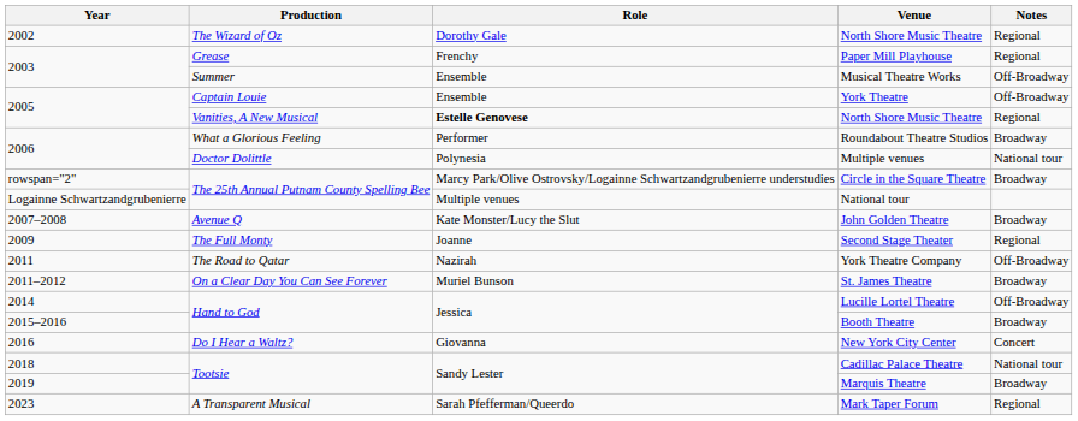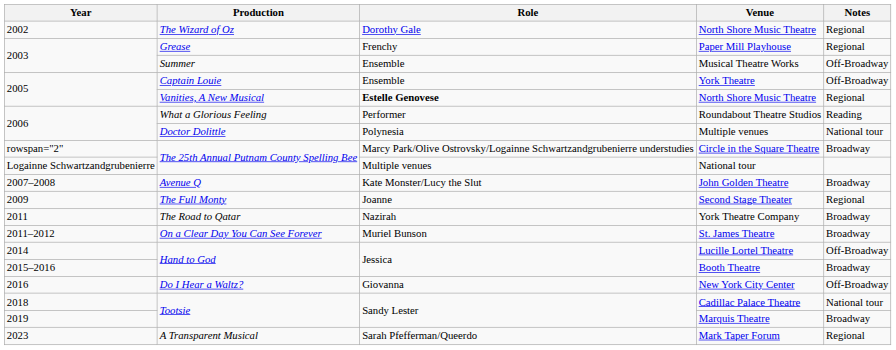 <table class="wikitable">
 <tr>
 <th>Year</th>
 <th>Production</th>
 <th>Role</th>
 <th>Venue</th>
 <th>Notes</th>
 </tr>
 <tr>
 <td>2002</td>
 <td><em><a href='#'>The Wizard of Oz</a></em></td>
 <td><a href='#'>Dorothy Gale</a></td>
 <td><a href='#'>North Shore Music Theatre</a></td>
 <td>Regional</td>
 </tr>
 <tr>
 <td rowspan="2">2003</td>
 <td><em><a href='#'>Grease</a></em></td>
 <td>Frenchy</td>
 <td><a href='#'>Paper Mill Playhouse</a></td>
 <td>Regional</td>
 </tr>
 <tr>
 <td><em>Summer</em></td>
 <td>Ensemble</td>
 <td>Musical Theatre Works</td>
 <td>Off-Broadway</td>
 </tr>
 <tr>
 <td rowspan="2">2005</td>
 <td><em><a href='#'>Captain Louie</a></em></td>
 <td>Ensemble</td>
 <td><a href='#'>York Theatre</a></td>
 <td>Off-Broadway</td>
 </tr>
 <tr>
 <td><em><a href='#'>Vanities, A New Musical</a></em></td>
 <td><strong>Estelle Genovese</strong></td>
 <td><a href='#'>North Shore Music Theatre</a></td>
 <td>Regional</td>
 </tr>
 <tr>
 <td rowspan="2">2006</td>
 <td><em>What a Glorious Feeling</em></td>
 <td>Performer</td>
 <td>Roundabout Theatre Studios</td>
-<td>Broadway</td>
+<td>Reading</td>
 </tr>
 <tr>
 <td><em><a href='#'>Doctor Dolittle</a></em></td>
 <td>Polynesia</td>
 <td>Multiple venues</td>
 <td>National tour</td>
 </tr>
 <tr>
 <td>rowspan="2" </td>
 <td rowspan="2"><em><a href='#'>The 25th Annual Putnam County Spelling Bee</a></em></td>
 <td>Marcy Park/Olive Ostrovsky/Logainne Schwartzandgrubenierre understudies</td>
 <td><a href='#'>Circle in the Square Theatre</a></td>
 <td>Broadway</td>
 </tr>
 <tr>
 <td>Logainne Schwartzandgrubenierre</td>
 <td>Multiple venues</td>
 <td>National tour</td>
 </tr>
 <tr>
 <td>2007–2008</td>
 <td><em><a href='#'>Avenue Q</a></em></td>
 <td>Kate Monster/Lucy the Slut</td>
 <td><a href='#'>John Golden Theatre</a></td>
 <td>Broadway</td>
 </tr>
 <tr>
 <td>2009</td>
 <td><em><a href='#'>The Full Monty</a></em></td>
 <td>Joanne</td>
 <td><a href='#'>Second Stage Theater</a></td>
 <td>Regional</td>
 </tr>
 <tr>
 <td>2011</td>
 <td><em>The Road to Qatar</em></td>
 <td>Nazirah</td>
 <td>York Theatre Company</td>
-<td>Off-Broadway</td>
+<td>Broadway</td>
 </tr>
 <tr>
 <td>2011–2012</td>
 <td><em><a href='#'>On a Clear Day You Can See Forever</a></em></td>
 <td>Muriel Bunson</td>
 <td><a href='#'>St. James Theatre</a></td>
 <td>Broadway</td>
 </tr>
 <tr>
 <td>2014</td>
 <td rowspan="2"><em><a href='#'>Hand to God</a></em></td>
 <td rowspan="2">Jessica</td>
 <td><a href='#'>Lucille Lortel Theatre</a></td>
 <td>Off-Broadway</td>
 </tr>
 <tr>
 <td>2015–2016</td>
 <td><a href='#'>Booth Theatre</a></td>
 <td>Broadway</td>
 </tr>
 <tr>
 <td>2016</td>
 <td><em><a href='#'>Do I Hear a Waltz?</a></em></td>
 <td>Giovanna</td>
 <td><a href='#'>New York City Center</a></td>
-<td>Concert</td>
+<td>Off-Broadway</td>
 </tr>
 <tr>
 <td>2018</td>
 <td rowspan=2><em><a href='#'>Tootsie</a></em></td>
 <td rowspan=2>Sandy Lester</td>
 <td><a href='#'>Cadillac Palace Theatre</a></td>
 <td>National tour</td>
 </tr>
 <tr>
 <td>2019</td>
 <td><a href='#'>Marquis Theatre</a></td>
 <td>Broadway</td>
 </tr>
 <tr>
 <td>2023</td>
 <td rowspan=3><em>A Transparent Musical</em></td>
 <td rowspan=3>Sarah Pfefferman/Queerdo</td>
 <td><a href='#'>Mark Taper Forum</a></td>
 <td>Regional</td>
 </tr>
 </table>
